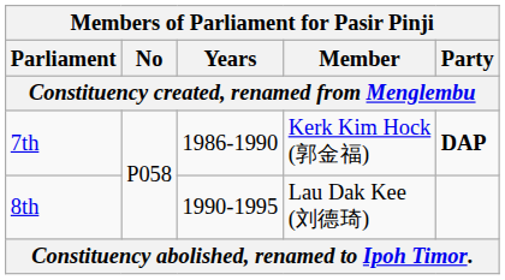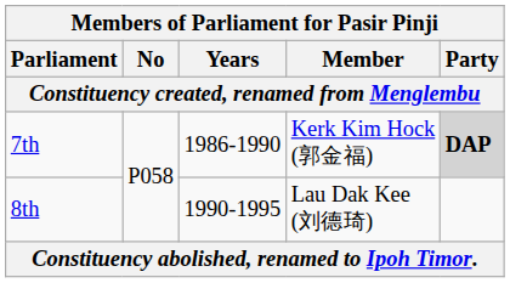 <table class=wikitable>
 <tr>
 <th colspan="5">Members of Parliament for Pasir Pinji</th>
 </tr>
 <tr>
 <th>Parliament</th>
 <th>No</th>
 <th>Years</th>
 <th>Member</th>
 <th>Party</th>
 </tr>
 <tr>
 <th colspan="5" align="center"><em>Constituency created, renamed from <a href='#'>Menglembu</a></em></th>
 </tr>
 <tr>
 <td><a href='#'>7th</a></td>
 <td rowspan="2">P058</td>
 <td>1986-1990</td>
 <td><a href='#'>Kerk Kim Hock</a> <br> (郭金福)</td>
-<td><strong>DAP</strong></td>
+<td style="background: lightgrey;"><strong>DAP</strong></td>
 </tr>
 <tr>
 <td><a href='#'>8th</a></td>
 <td>1990-1995</td>
 <td>Lau Dak Kee  <br>(刘德琦)</td>
 <td></td>
 </tr>
 <tr>
 <th colspan="5" align="center"><em>Constituency abolished, renamed to <a href='#'>Ipoh Timor</a></em>.</th>
 </tr>
 </table>
